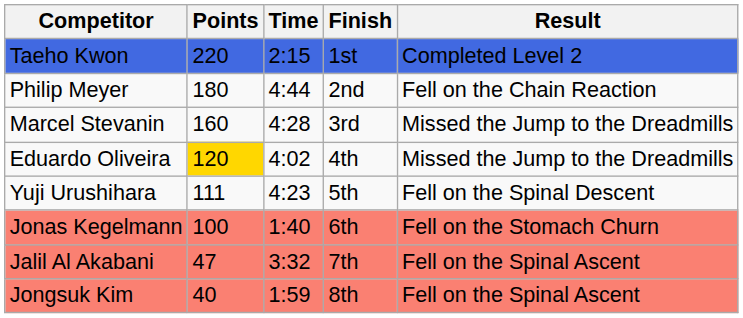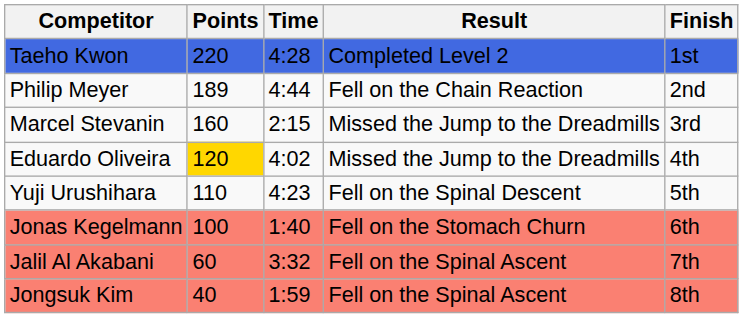 <table class="wikitable sortable">
 <tr>
 <th>Competitor</th>
 <th>Points</th>
 <th>Time</th>
+<th>Result</th>
 <th>Finish</th>
-<th>Result</th>
 </tr>
 <tr style="background:royalblue;">
 <td> Taeho Kwon</td>
 <td>220</td>
-<td>2:15</td>
+<td>4:28</td>
+<td>Completed Level 2</td>
 <td>1st</td>
-<td>Completed Level 2</td>
 </tr>
 <tr>
 <td> Philip Meyer</td>
-<td>180</td>
+<td>189</td>
 <td>4:44</td>
+<td>Fell on the Chain Reaction</td>
 <td>2nd</td>
-<td>Fell on the Chain Reaction</td>
 </tr>
 <tr>
 <td> Marcel Stevanin</td>
 <td>160</td>
-<td>4:28</td>
+<td>2:15</td>
+<td>Missed the Jump to the Dreadmills</td>
 <td>3rd</td>
-<td>Missed the Jump to the Dreadmills</td>
 </tr>
 <tr>
 <td> Eduardo Oliveira</td>
 <td style="background: gold;">120</td>
 <td>4:02</td>
+<td>Missed the Jump to the Dreadmills</td>
 <td>4th</td>
-<td>Missed the Jump to the Dreadmills</td>
 </tr>
 <tr>
 <td> Yuji Urushihara</td>
-<td>111</td>
+<td>110</td>
 <td>4:23</td>
+<td>Fell on the Spinal Descent</td>
 <td>5th</td>
-<td>Fell on the Spinal Descent</td>
 </tr>
 <tr style="background-color:#fa8072">
 <td> Jonas Kegelmann</td>
 <td>100</td>
 <td>1:40</td>
+<td>Fell on the Stomach Churn</td>
 <td>6th</td>
-<td>Fell on the Stomach Churn</td>
 </tr>
 <tr style="background-color:#fa8072">
 <td> Jalil Al Akabani</td>
-<td>47</td>
+<td>60</td>
 <td>3:32</td>
+<td>Fell on the Spinal Ascent</td>
 <td>7th</td>
-<td>Fell on the Spinal Ascent</td>
 </tr>
 <tr style="background-color:#fa8072">
 <td> Jongsuk Kim</td>
 <td>40</td>
 <td>1:59</td>
+<td>Fell on the Spinal Ascent</td>
 <td>8th</td>
-<td>Fell on the Spinal Ascent</td>
 </tr>
 </table>
